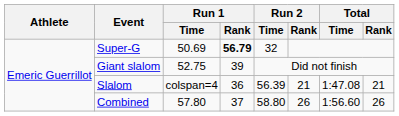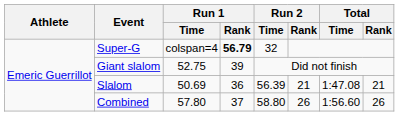 <table class="wikitable" style="font-size:90%">
 <tr>
 <th rowspan=2>Athlete</th>
 <th rowspan=2>Event</th>
 <th colspan=2>Run 1</th>
 <th colspan=2>Run 2</th>
 <th colspan=2>Total</th>
 </tr>
 <tr style="font-size:95%">
 <th>Time</th>
 <th>Rank</th>
 <th>Time</th>
 <th>Rank</th>
 <th>Time</th>
 <th>Rank</th>
 </tr>
 <tr align=center>
 <td align="left" rowspan="4"><a href='#'>Emeric Guerrillot</a></td>
 <td align="left"><a href='#'>Super-G</a></td>
-<td>50.69</td>
+<td>colspan=4</td>
 <td><strong>56.79</strong></td>
 <td>32</td>
 </tr>
 <tr align=center>
 <td align="left"><a href='#'>Giant slalom</a></td>
 <td>52.75</td>
 <td>39</td>
 <td colspan=4>Did not finish</td>
 </tr>
 <tr align=center>
 <td align="left"><a href='#'>Slalom</a></td>
-<td>colspan=4</td>
+<td>50.69</td>
 <td>36</td>
 <td>56.39</td>
 <td>21</td>
 <td>1:47.08</td>
 <td>21</td>
 </tr>
 <tr align=center>
 <td align="left"><a href='#'>Combined</a></td>
 <td>57.80</td>
 <td>37</td>
 <td>58.80</td>
 <td>26</td>
 <td>1:56.60</td>
 <td>26</td>
 </tr>
 </table>
